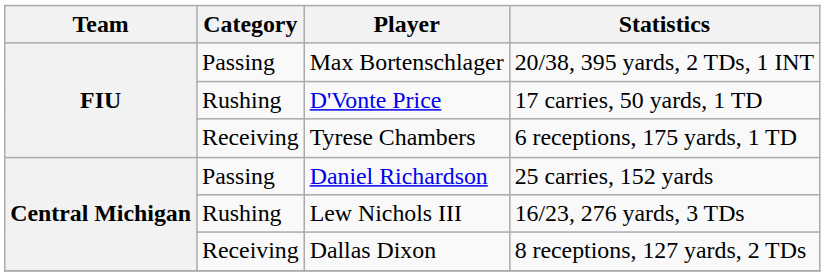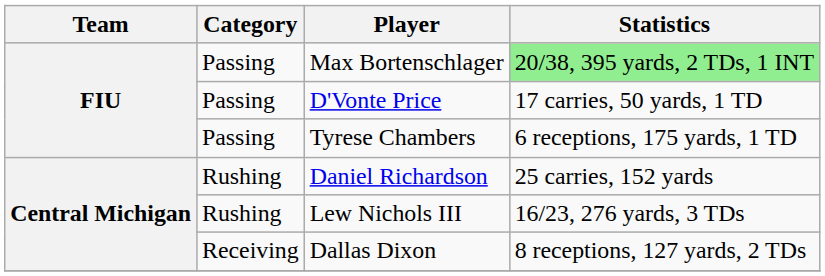 <table class="wikitable" style="float: left;">
 <tr>
 <th>Team</th>
 <th>Category</th>
 <th>Player</th>
 <th>Statistics</th>
 </tr>
 <tr>
 <th rowspan=3>FIU</th>
 <td>Passing</td>
 <td>Max Bortenschlager</td>
-<td>20/38, 395 yards, 2 TDs, 1 INT</td>
+<td style="background: lightgreen;">20/38, 395 yards, 2 TDs, 1 INT</td>
 </tr>
 <tr>
-<td>Rushing</td>
+<td>Passing</td>
 <td><a href='#'>D'Vonte Price</a></td>
 <td>17 carries, 50 yards, 1 TD</td>
 </tr>
 <tr>
-<td>Receiving</td>
+<td>Passing</td>
 <td>Tyrese Chambers</td>
 <td>6 receptions, 175 yards, 1 TD</td>
 </tr>
 <tr>
 <th rowspan=3 style=>Central Michigan</th>
-<td>Passing</td>
+<td>Rushing</td>
 <td><a href='#'>Daniel Richardson</a></td>
 <td>25 carries, 152 yards</td>
 </tr>
 <tr>
 <td>Rushing</td>
 <td>Lew Nichols III</td>
 <td>16/23, 276 yards, 3 TDs</td>
 </tr>
 <tr>
 <td>Receiving</td>
 <td>Dallas Dixon</td>
 <td>8 receptions, 127 yards, 2 TDs</td>
 </tr>
 <tr>
 </tr>
 </table>
